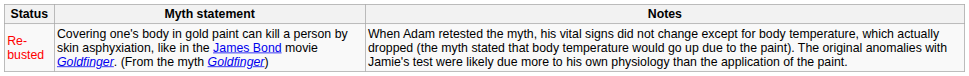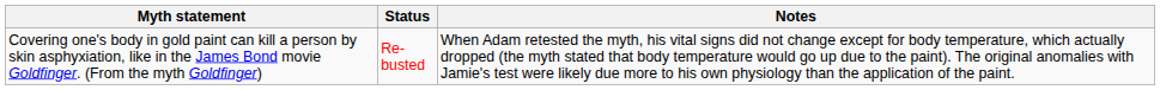 <table class="wikitable plainrowheaders">
 <tr>
+<th>Myth statement</th>
 <th>Status</th>
-<th>Myth statement</th>
 <th>Notes</th>
 </tr>
 <tr>
+<td>Covering one's body in gold paint can kill a person by skin asphyxiation, like in the <a href='#'>James Bond</a> movie <em><a href='#'>Goldfinger</a></em>. (From the myth <em><a href='#'>Goldfinger</a></em>)</td>
 <td style="color:red">Re-busted</td>
-<td>Covering one's body in gold paint can kill a person by skin asphyxiation, like in the <a href='#'>James Bond</a> movie <em><a href='#'>Goldfinger</a></em>. (From the myth <em><a href='#'>Goldfinger</a></em>)</td>
 <td>When Adam retested the myth, his vital signs did not change except for body temperature, which actually dropped (the myth stated that body temperature would go up due to the paint). The original anomalies with Jamie's test were likely due more to his own physiology than the application of the paint.</td>
 </tr>
 </table>
